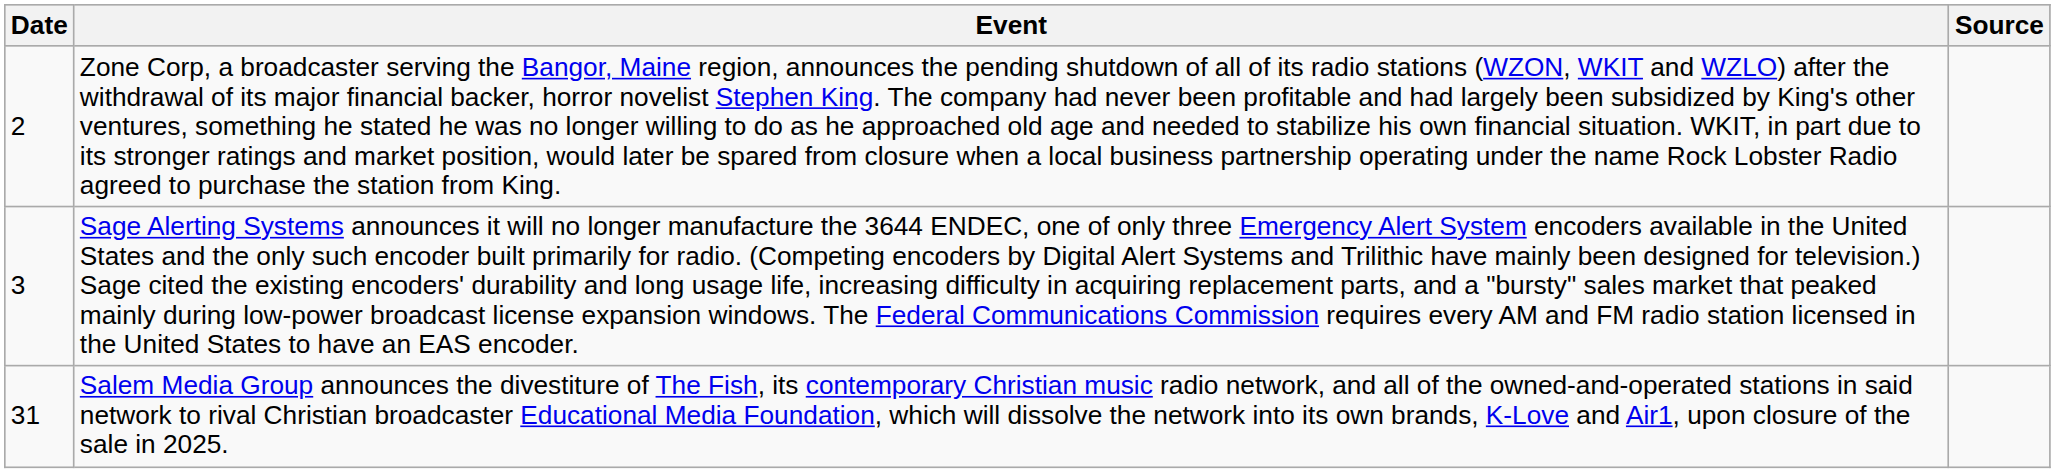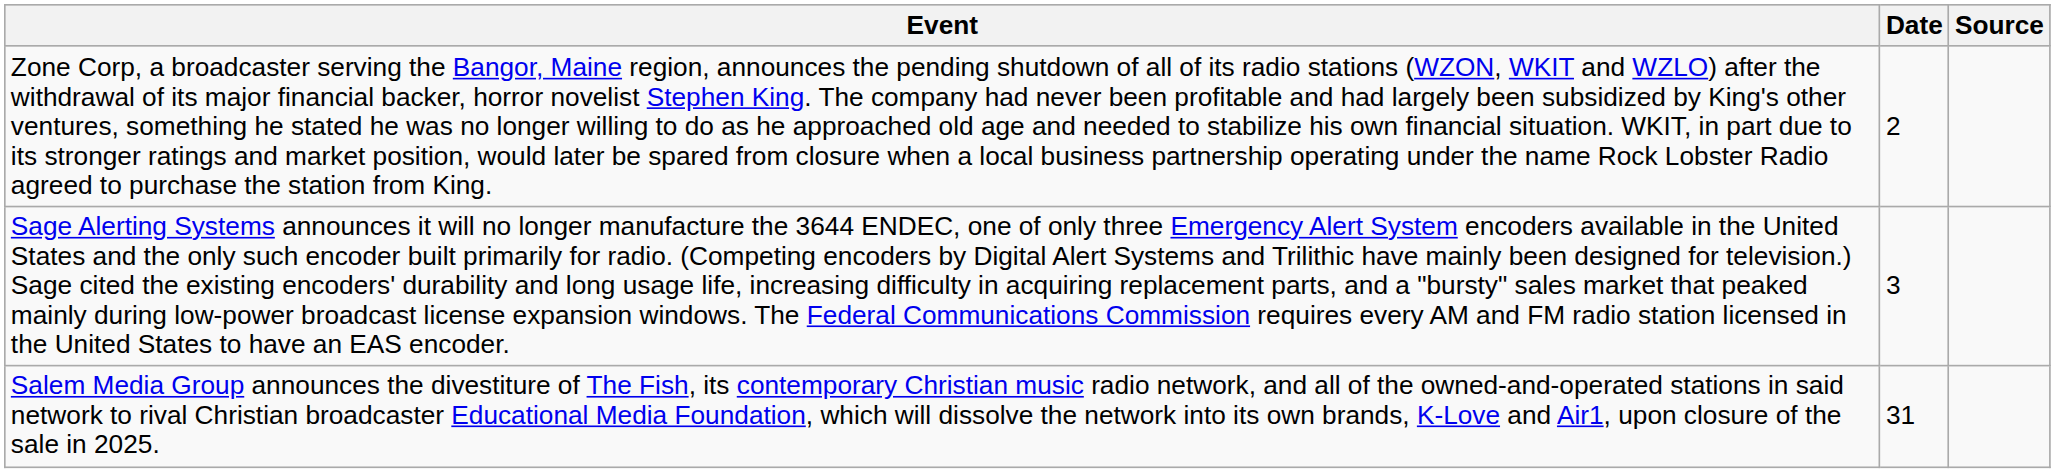 <table class=wikitable>
 <tr>
+<th>Event</th>
 <th>Date</th>
-<th>Event</th>
 <th>Source</th>
 </tr>
 <tr>
+<td>Zone Corp, a broadcaster serving the <a href='#'>Bangor, Maine</a> region, announces the pending shutdown of all of its radio stations (<a href='#'>WZON</a>, <a href='#'>WKIT</a> and <a href='#'>WZLO</a>) after the withdrawal of its major financial backer, horror novelist <a href='#'>Stephen King</a>. The company had never been profitable and had largely been subsidized by King's other ventures, something he stated he was no longer willing to do as he approached old age and needed to stabilize his own financial situation. WKIT, in part due to its stronger ratings and market position, would later be spared from closure when a local business partnership operating under the name Rock Lobster Radio agreed to purchase the station from King.</td>
 <td>2</td>
-<td>Zone Corp, a broadcaster serving the <a href='#'>Bangor, Maine</a> region, announces the pending shutdown of all of its radio stations (<a href='#'>WZON</a>, <a href='#'>WKIT</a> and <a href='#'>WZLO</a>) after the withdrawal of its major financial backer, horror novelist <a href='#'>Stephen King</a>. The company had never been profitable and had largely been subsidized by King's other ventures, something he stated he was no longer willing to do as he approached old age and needed to stabilize his own financial situation. WKIT, in part due to its stronger ratings and market position, would later be spared from closure when a local business partnership operating under the name Rock Lobster Radio agreed to purchase the station from King.</td>
 <td></td>
 </tr>
 <tr>
+<td><a href='#'>Sage Alerting Systems</a> announces it will no longer manufacture the 3644 ENDEC, one of only three <a href='#'>Emergency Alert System</a> encoders available in the United States and the only such encoder built primarily for radio. (Competing encoders by Digital Alert Systems and Trilithic have mainly been designed for television.) Sage cited the existing encoders' durability and long usage life, increasing difficulty in acquiring replacement parts, and a "bursty" sales market that peaked mainly during low-power broadcast license expansion windows. The <a href='#'>Federal Communications Commission</a> requires every AM and FM radio station licensed in the United States to have an EAS encoder.</td>
 <td>3</td>
-<td><a href='#'>Sage Alerting Systems</a> announces it will no longer manufacture the 3644 ENDEC, one of only three <a href='#'>Emergency Alert System</a> encoders available in the United States and the only such encoder built primarily for radio. (Competing encoders by Digital Alert Systems and Trilithic have mainly been designed for television.) Sage cited the existing encoders' durability and long usage life, increasing difficulty in acquiring replacement parts, and a "bursty" sales market that peaked mainly during low-power broadcast license expansion windows. The <a href='#'>Federal Communications Commission</a> requires every AM and FM radio station licensed in the United States to have an EAS encoder.</td>
 <td></td>
 </tr>
 <tr>
+<td><a href='#'>Salem Media Group</a> announces the divestiture of <a href='#'>The Fish</a>, its <a href='#'>contemporary Christian music</a> radio network, and all of the owned-and-operated stations in said network to rival Christian broadcaster <a href='#'>Educational Media Foundation</a>, which will dissolve the network into its own brands, <a href='#'>K-Love</a> and <a href='#'>Air1</a>, upon closure of the sale in 2025.</td>
 <td>31</td>
-<td><a href='#'>Salem Media Group</a> announces the divestiture of <a href='#'>The Fish</a>, its <a href='#'>contemporary Christian music</a> radio network, and all of the owned-and-operated stations in said network to rival Christian broadcaster <a href='#'>Educational Media Foundation</a>, which will dissolve the network into its own brands, <a href='#'>K-Love</a> and <a href='#'>Air1</a>, upon closure of the sale in 2025.</td>
 <td></td>
 </tr>
 </table>
